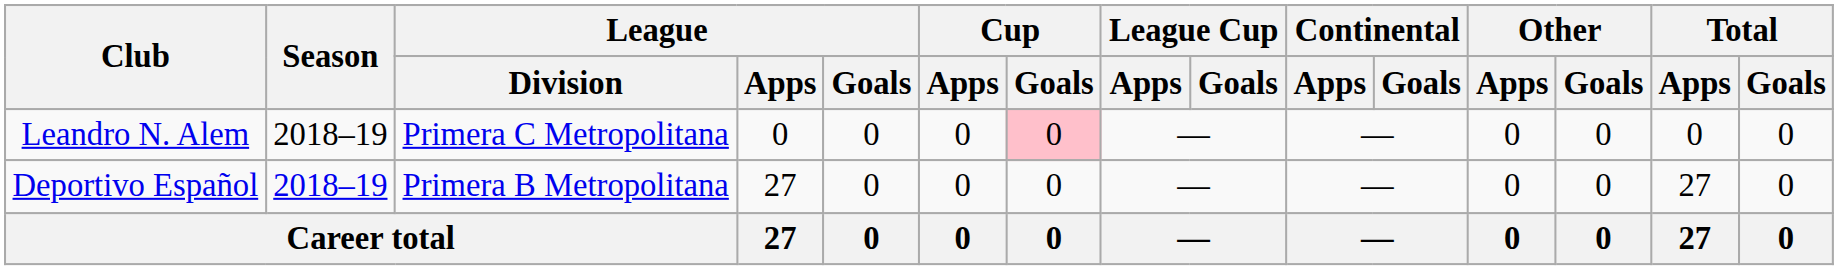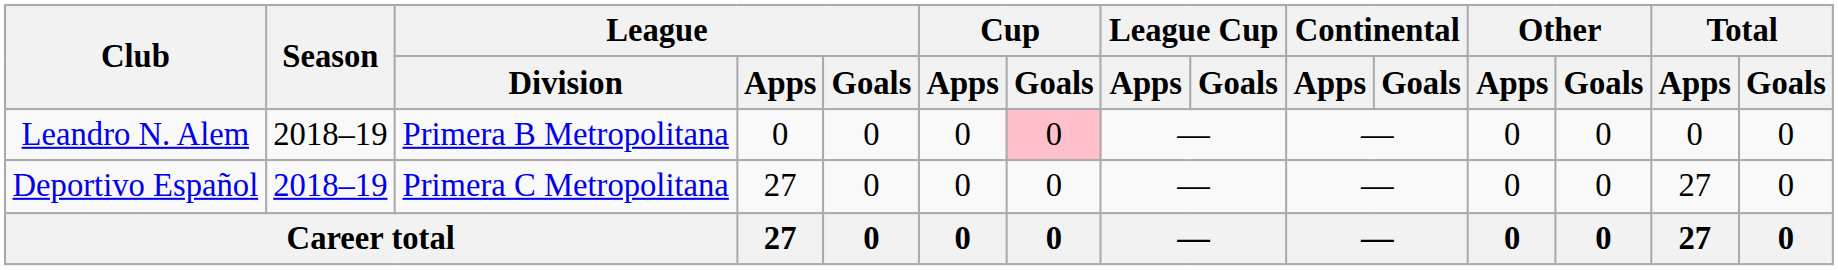 <table class="wikitable" style="text-align:center">
 <tr>
 <th rowspan="2">Club</th>
 <th rowspan="2">Season</th>
 <th colspan="3">League</th>
 <th colspan="2">Cup</th>
 <th colspan="2">League Cup</th>
 <th colspan="2">Continental</th>
 <th colspan="2">Other</th>
 <th colspan="2">Total</th>
 </tr>
 <tr>
 <th>Division</th>
 <th>Apps</th>
 <th>Goals</th>
 <th>Apps</th>
 <th>Goals</th>
 <th>Apps</th>
 <th>Goals</th>
 <th>Apps</th>
 <th>Goals</th>
 <th>Apps</th>
 <th>Goals</th>
 <th>Apps</th>
 <th>Goals</th>
 </tr>
 <tr>
 <td rowspan="1"><a href='#'>Leandro N. Alem</a></td>
 <td>2018–19</td>
-<td rowspan="1"><a href='#'>Primera C Metropolitana</a></td>
+<td rowspan="1"><a href='#'>Primera B Metropolitana</a></td>
 <td>0</td>
 <td>0</td>
 <td>0</td>
 <td style="background: pink;">0</td>
 <td colspan="2">—</td>
 <td colspan="2">—</td>
 <td>0</td>
 <td>0</td>
 <td>0</td>
 <td>0</td>
 </tr>
 <tr>
 <td rowspan="1"><a href='#'>Deportivo Español</a></td>
 <td><a href='#'>2018–19</a></td>
-<td rowspan="1"><a href='#'>Primera B Metropolitana</a></td>
+<td rowspan="1"><a href='#'>Primera C Metropolitana</a></td>
 <td>27</td>
 <td>0</td>
 <td>0</td>
 <td>0</td>
 <td colspan="2">—</td>
 <td colspan="2">—</td>
 <td>0</td>
 <td>0</td>
 <td>27</td>
 <td>0</td>
 </tr>
 <tr>
 <th colspan="3">Career total</th>
 <th>27</th>
 <th>0</th>
 <th>0</th>
 <th>0</th>
 <th colspan="2">—</th>
 <th colspan="2">—</th>
 <th>0</th>
 <th>0</th>
 <th>27</th>
 <th>0</th>
 </tr>
 </table>
